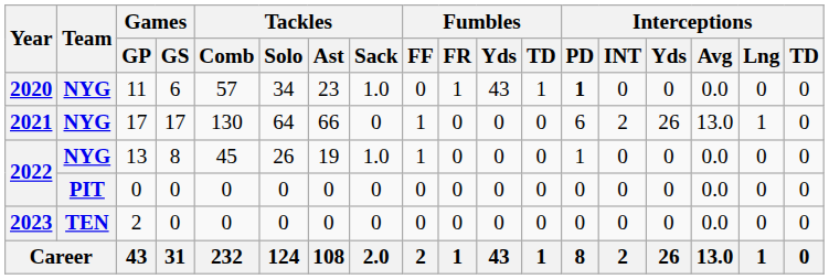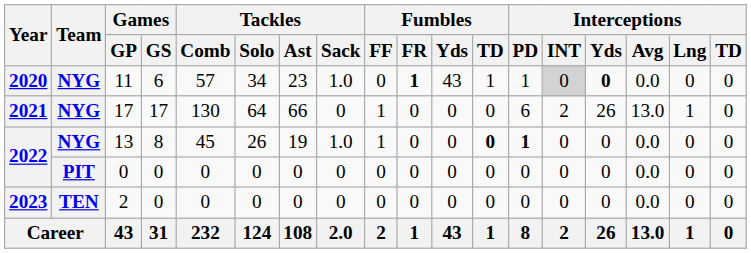 <table class=wikitable style="text-align:center;">
 <tr>
 <th rowspan="2">Year</th>
 <th rowspan="2">Team</th>
 <th colspan="2">Games</th>
 <th colspan="4">Tackles</th>
 <th colspan="4">Fumbles</th>
 <th colspan="6">Interceptions</th>
 </tr>
 <tr>
 <th>GP</th>
 <th>GS</th>
 <th>Comb</th>
 <th>Solo</th>
 <th>Ast</th>
 <th>Sack</th>
 <th>FF</th>
 <th>FR</th>
 <th>Yds</th>
 <th>TD</th>
 <th>PD</th>
 <th>INT</th>
 <th>Yds</th>
 <th>Avg</th>
 <th>Lng</th>
 <th>TD</th>
 </tr>
 <tr align=center>
 <th><a href='#'>2020</a></th>
 <th><a href='#'>NYG</a></th>
 <td>11</td>
 <td>6</td>
 <td>57</td>
 <td>34</td>
 <td>23</td>
 <td>1.0</td>
 <td>0</td>
-<td>1</td>
+<td><strong>1</strong></td>
 <td>43</td>
 <td>1</td>
-<td><strong>1</strong></td>
-<td>0</td>
-<td>0</td>
+<td>1</td>
+<td style="background: lightgrey;">0</td>
+<td><strong>0</strong></td>
 <td>0.0</td>
 <td>0</td>
 <td>0</td>
 </tr>
 <tr>
 <th><a href='#'>2021</a></th>
 <th><a href='#'>NYG</a></th>
 <td>17</td>
 <td>17</td>
 <td>130</td>
 <td>64</td>
 <td>66</td>
 <td>0</td>
 <td>1</td>
 <td>0</td>
 <td>0</td>
 <td>0</td>
 <td>6</td>
 <td>2</td>
 <td>26</td>
 <td>13.0</td>
 <td>1</td>
 <td>0</td>
 </tr>
 <tr>
 <th rowspan="2"><a href='#'>2022</a></th>
 <th><a href='#'>NYG</a></th>
 <td>13</td>
 <td>8</td>
 <td>45</td>
 <td>26</td>
 <td>19</td>
 <td>1.0</td>
 <td>1</td>
 <td>0</td>
 <td>0</td>
-<td>0</td>
-<td>1</td>
+<td><strong>0</strong></td>
+<td><strong>1</strong></td>
 <td>0</td>
 <td>0</td>
 <td>0.0</td>
 <td>0</td>
 <td>0</td>
 </tr>
 <tr>
 <th><a href='#'>PIT</a></th>
 <td>0</td>
 <td>0</td>
 <td>0</td>
 <td>0</td>
 <td>0</td>
 <td>0</td>
 <td>0</td>
 <td>0</td>
 <td>0</td>
 <td>0</td>
 <td>0</td>
 <td>0</td>
 <td>0</td>
 <td>0.0</td>
 <td>0</td>
 <td>0</td>
 </tr>
 <tr>
 <th><a href='#'>2023</a></th>
 <th><a href='#'>TEN</a></th>
 <td>2</td>
 <td>0</td>
 <td>0</td>
 <td>0</td>
 <td>0</td>
 <td>0</td>
 <td>0</td>
 <td>0</td>
 <td>0</td>
 <td>0</td>
 <td>0</td>
 <td>0</td>
 <td>0</td>
 <td>0.0</td>
 <td>0</td>
 <td>0</td>
 </tr>
 <tr align=center>
 <th colspan="2">Career</th>
 <th>43</th>
 <th>31</th>
 <th>232</th>
 <th>124</th>
 <th>108</th>
 <th>2.0</th>
 <th>2</th>
 <th>1</th>
 <th>43</th>
 <th>1</th>
 <th>8</th>
 <th>2</th>
 <th>26</th>
 <th>13.0</th>
 <th>1</th>
 <th>0</th>
 </tr>
 </table>
